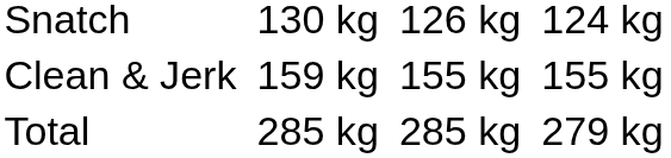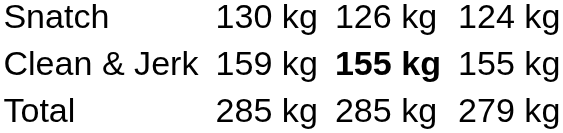 <table>
 <tr>
 <td>Snatch</td>
 <td></td>
 <td>130 kg</td>
 <td></td>
 <td>126 kg</td>
 <td></td>
 <td>124 kg</td>
 </tr>
 <tr>
 <td>Clean & Jerk</td>
 <td></td>
 <td>159 kg</td>
 <td></td>
-<td>155 kg</td>
+<td><strong>155 kg</strong></td>
 <td></td>
 <td>155 kg</td>
 </tr>
 <tr>
 <td>Total</td>
 <td></td>
 <td>285 kg</td>
 <td></td>
 <td>285 kg</td>
 <td></td>
 <td>279 kg</td>
 </tr>
 </table>
